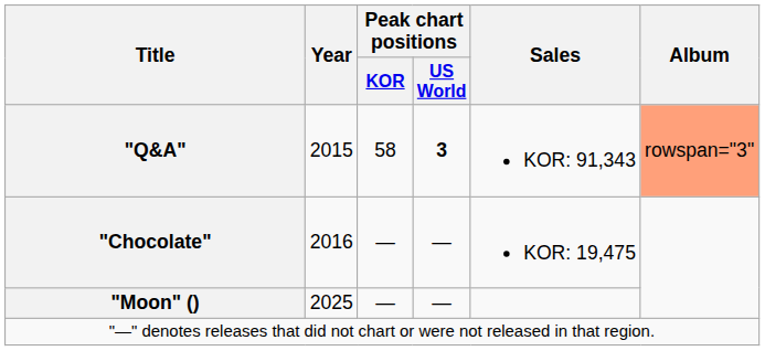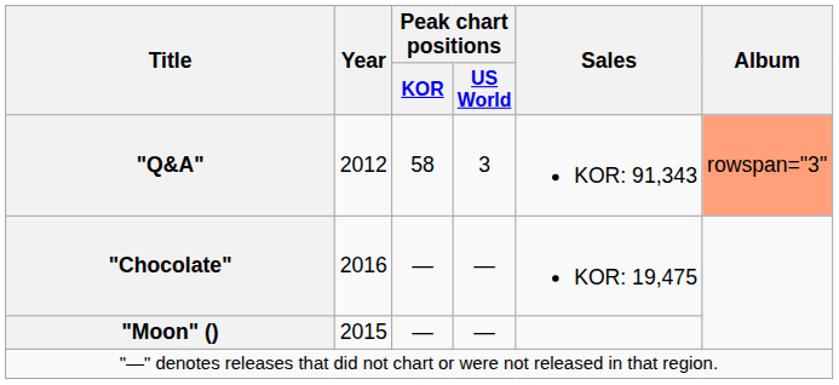 <table class="wikitable plainrowheaders" style="text-align:center">
 <tr>
 <th scope="col" rowspan="2" style="width:15em">Title</th>
 <th scope="col" rowspan="2">Year</th>
 <th colspan="2" scope="col">Peak chart<br>positions</th>
 <th scope="col" rowspan="2">Sales</th>
 <th scope="col" rowspan="2">Album</th>
 </tr>
 <tr>
 <th scope="col" style="width:2.7em;font-size:90%;"><a href='#'>KOR</a><br></th>
 <th scope="col" style="width:2.7em;font-size:90%;"><a href='#'>US<br>World</a><br></th>
 </tr>
 <tr>
 <th scope="row">"Q&A"<br></th>
-<td>2015</td>
+<td>2012</td>
 <td>58</td>
-<td><strong>3</strong></td>
+<td>3</td>
 <td><br><ul><li>KOR: 91,343</li></ul></td>
 <td style="background: lightsalmon;">rowspan="3" </td>
 </tr>
 <tr>
 <th scope="row">"Chocolate"<br></th>
 <td>2016</td>
 <td>—</td>
 <td>—</td>
 <td><br><ul><li>KOR: 19,475</li></ul></td>
 </tr>
 <tr>
 <th scope="row">"Moon" ()<br></th>
-<td>2025</td>
+<td>2015</td>
 <td>—</td>
 <td>—</td>
 <td></td>
 </tr>
 <tr>
 <td colspan="6" style="font-size:85%;">"—" denotes releases that did not chart or were not released in that region.</td>
 </tr>
 </table>
